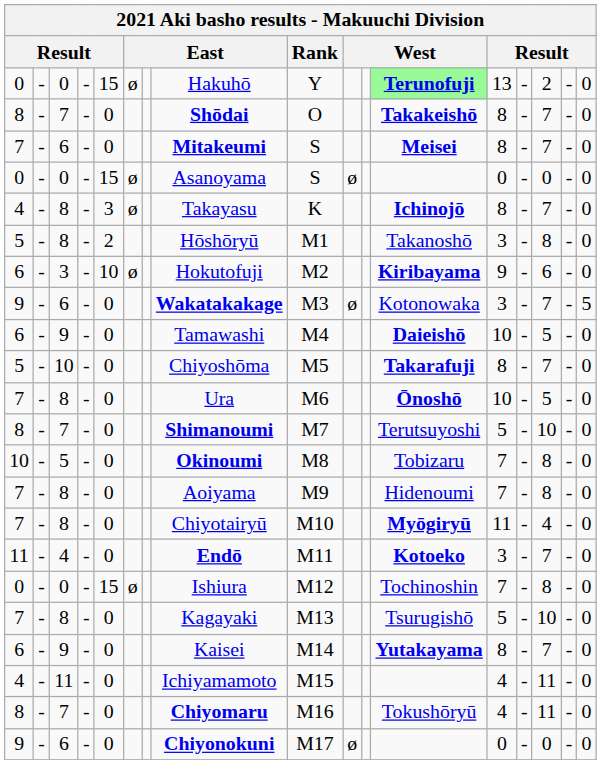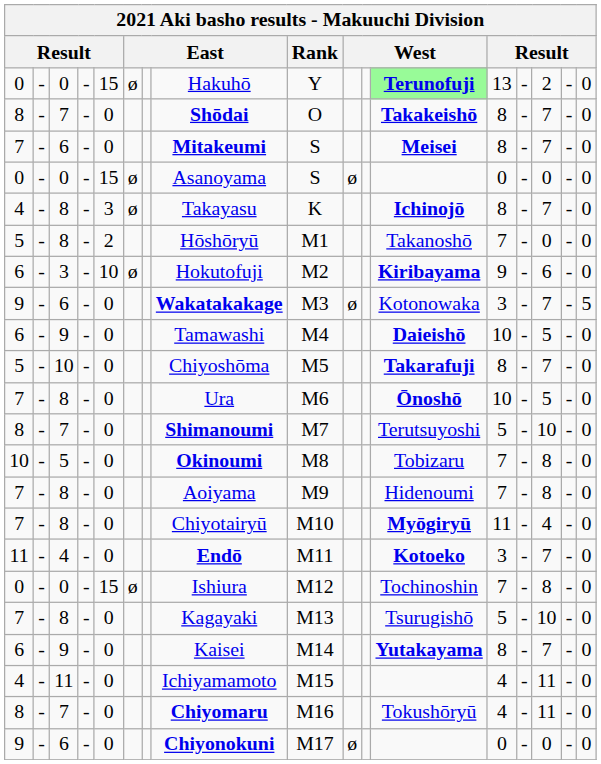 <table class="wikitable" style="text-align:center">
 <tr>
 <th colspan="17">2021 Aki basho results  - Makuuchi Division</th>
 </tr>
 <tr>
 <th colspan="5">Result</th>
 <th colspan="3">East</th>
 <th>Rank</th>
 <th colspan="3">West</th>
 <th colspan="5">Result</th>
 </tr>
 <tr>
 <td>0</td>
 <td>-</td>
 <td>0</td>
 <td>-</td>
 <td>15</td>
 <td>ø</td>
 <td></td>
 <td><a href='#'>Hakuhō</a></td>
 <td>Y</td>
 <td></td>
 <td></td>
 <td style="background: PaleGreen;"><strong><a href='#'>Terunofuji</a></strong></td>
 <td>13</td>
 <td>-</td>
 <td>2</td>
 <td>-</td>
 <td>0</td>
 </tr>
 <tr>
 <td>8</td>
 <td>-</td>
 <td>7</td>
 <td>-</td>
 <td>0</td>
 <td></td>
 <td></td>
 <td><strong><a href='#'>Shōdai</a></strong></td>
 <td>O</td>
 <td></td>
 <td></td>
 <td><strong><a href='#'>Takakeishō</a></strong></td>
 <td>8</td>
 <td>-</td>
 <td>7</td>
 <td>-</td>
 <td>0</td>
 </tr>
 <tr>
 <td>7</td>
 <td>-</td>
 <td>6</td>
 <td>-</td>
 <td>0</td>
 <td></td>
 <td></td>
 <td><strong><a href='#'>Mitakeumi</a></strong></td>
 <td>S</td>
 <td></td>
 <td></td>
 <td><strong><a href='#'>Meisei</a></strong></td>
 <td>8</td>
 <td>-</td>
 <td>7</td>
 <td>-</td>
 <td>0</td>
 </tr>
 <tr>
 <td>0</td>
 <td>-</td>
 <td>0</td>
 <td>-</td>
 <td>15</td>
 <td>ø</td>
 <td></td>
 <td><a href='#'>Asanoyama</a></td>
 <td>S</td>
 <td>ø</td>
 <td></td>
 <td></td>
 <td>0</td>
 <td>-</td>
 <td>0</td>
 <td>-</td>
 <td>0</td>
 </tr>
 <tr>
 <td>4</td>
 <td>-</td>
 <td>8</td>
 <td>-</td>
 <td>3</td>
 <td>ø</td>
 <td></td>
 <td><a href='#'>Takayasu</a></td>
 <td>K</td>
 <td></td>
 <td></td>
 <td><strong><a href='#'>Ichinojō</a></strong></td>
 <td>8</td>
 <td>-</td>
 <td>7</td>
 <td>-</td>
 <td>0</td>
 </tr>
 <tr>
 <td>5</td>
 <td>-</td>
 <td>8</td>
 <td>-</td>
 <td>2</td>
 <td></td>
 <td></td>
 <td><a href='#'>Hōshōryū</a></td>
 <td>M1</td>
 <td></td>
 <td></td>
 <td><a href='#'>Takanoshō</a></td>
-<td>3</td>
+<td>7</td>
 <td>-</td>
-<td>8</td>
+<td>0</td>
 <td>-</td>
 <td>0</td>
 </tr>
 <tr>
 <td>6</td>
 <td>-</td>
 <td>3</td>
 <td>-</td>
 <td>10</td>
 <td>ø</td>
 <td></td>
 <td><a href='#'>Hokutofuji</a></td>
 <td>M2</td>
 <td></td>
 <td></td>
 <td><strong><a href='#'>Kiribayama</a></strong></td>
 <td>9</td>
 <td>-</td>
 <td>6</td>
 <td>-</td>
 <td>0</td>
 </tr>
 <tr>
 <td>9</td>
 <td>-</td>
 <td>6</td>
 <td>-</td>
 <td>0</td>
 <td></td>
 <td></td>
 <td><strong><a href='#'>Wakatakakage</a></strong></td>
 <td>M3</td>
 <td>ø</td>
 <td></td>
 <td><a href='#'>Kotonowaka</a></td>
 <td>3</td>
 <td>-</td>
 <td>7</td>
 <td>-</td>
 <td>5</td>
 </tr>
 <tr>
 <td>6</td>
 <td>-</td>
 <td>9</td>
 <td>-</td>
 <td>0</td>
 <td></td>
 <td></td>
 <td><a href='#'>Tamawashi</a></td>
 <td>M4</td>
 <td></td>
 <td></td>
 <td><strong><a href='#'>Daieishō</a></strong></td>
 <td>10</td>
 <td>-</td>
 <td>5</td>
 <td>-</td>
 <td>0</td>
 </tr>
 <tr>
 <td>5</td>
 <td>-</td>
 <td>10</td>
 <td>-</td>
 <td>0</td>
 <td></td>
 <td></td>
 <td><a href='#'>Chiyoshōma</a></td>
 <td>M5</td>
 <td></td>
 <td></td>
 <td><strong><a href='#'>Takarafuji</a></strong></td>
 <td>8</td>
 <td>-</td>
 <td>7</td>
 <td>-</td>
 <td>0</td>
 </tr>
 <tr>
 <td>7</td>
 <td>-</td>
 <td>8</td>
 <td>-</td>
 <td>0</td>
 <td></td>
 <td></td>
 <td><a href='#'>Ura</a></td>
 <td>M6</td>
 <td></td>
 <td></td>
 <td><strong><a href='#'>Ōnoshō</a></strong></td>
 <td>10</td>
 <td>-</td>
 <td>5</td>
 <td>-</td>
 <td>0</td>
 </tr>
 <tr>
 <td>8</td>
 <td>-</td>
 <td>7</td>
 <td>-</td>
 <td>0</td>
 <td></td>
 <td></td>
 <td><strong><a href='#'>Shimanoumi</a></strong></td>
 <td>M7</td>
 <td></td>
 <td></td>
 <td><a href='#'>Terutsuyoshi</a></td>
 <td>5</td>
 <td>-</td>
 <td>10</td>
 <td>-</td>
 <td>0</td>
 </tr>
 <tr>
 <td>10</td>
 <td>-</td>
 <td>5</td>
 <td>-</td>
 <td>0</td>
 <td></td>
 <td></td>
 <td><strong><a href='#'>Okinoumi</a></strong></td>
 <td>M8</td>
 <td></td>
 <td></td>
 <td><a href='#'>Tobizaru</a></td>
 <td>7</td>
 <td>-</td>
 <td>8</td>
 <td>-</td>
 <td>0</td>
 </tr>
 <tr>
 <td>7</td>
 <td>-</td>
 <td>8</td>
 <td>-</td>
 <td>0</td>
 <td></td>
 <td></td>
 <td><a href='#'>Aoiyama</a></td>
 <td>M9</td>
 <td></td>
 <td></td>
 <td><a href='#'>Hidenoumi</a></td>
 <td>7</td>
 <td>-</td>
 <td>8</td>
 <td>-</td>
 <td>0</td>
 </tr>
 <tr>
 <td>7</td>
 <td>-</td>
 <td>8</td>
 <td>-</td>
 <td>0</td>
 <td></td>
 <td></td>
 <td><a href='#'>Chiyotairyū</a></td>
 <td>M10</td>
 <td></td>
 <td></td>
 <td><strong><a href='#'>Myōgiryū</a></strong></td>
 <td>11</td>
 <td>-</td>
 <td>4</td>
 <td>-</td>
 <td>0</td>
 </tr>
 <tr>
 <td>11</td>
 <td>-</td>
 <td>4</td>
 <td>-</td>
 <td>0</td>
 <td></td>
 <td></td>
 <td><strong><a href='#'>Endō</a></strong></td>
 <td>M11</td>
 <td></td>
 <td></td>
 <td><strong><a href='#'>Kotoeko</a></strong></td>
 <td>3</td>
 <td>-</td>
 <td>7</td>
 <td>-</td>
 <td>0</td>
 </tr>
 <tr>
 <td>0</td>
 <td>-</td>
 <td>0</td>
 <td>-</td>
 <td>15</td>
 <td>ø</td>
 <td></td>
 <td><a href='#'>Ishiura</a></td>
 <td>M12</td>
 <td></td>
 <td></td>
 <td><a href='#'>Tochinoshin</a></td>
 <td>7</td>
 <td>-</td>
 <td>8</td>
 <td>-</td>
 <td>0</td>
 </tr>
 <tr>
 <td>7</td>
 <td>-</td>
 <td>8</td>
 <td>-</td>
 <td>0</td>
 <td></td>
 <td></td>
 <td><a href='#'>Kagayaki</a></td>
 <td>M13</td>
 <td></td>
 <td></td>
 <td><a href='#'>Tsurugishō</a></td>
 <td>5</td>
 <td>-</td>
 <td>10</td>
 <td>-</td>
 <td>0</td>
 </tr>
 <tr>
 <td>6</td>
 <td>-</td>
 <td>9</td>
 <td>-</td>
 <td>0</td>
 <td></td>
 <td></td>
 <td><a href='#'>Kaisei</a></td>
 <td>M14</td>
 <td></td>
 <td></td>
 <td><strong><a href='#'>Yutakayama</a></strong></td>
 <td>8</td>
 <td>-</td>
 <td>7</td>
 <td>-</td>
 <td>0</td>
 </tr>
 <tr>
 <td>4</td>
 <td>-</td>
 <td>11</td>
 <td>-</td>
 <td>0</td>
 <td></td>
 <td></td>
 <td><a href='#'>Ichiyamamoto</a></td>
 <td>M15</td>
 <td></td>
 <td></td>
 <td></td>
 <td>4</td>
 <td>-</td>
 <td>11</td>
 <td>-</td>
 <td>0</td>
 </tr>
 <tr>
 <td>8</td>
 <td>-</td>
 <td>7</td>
 <td>-</td>
 <td>0</td>
 <td></td>
 <td></td>
 <td><strong><a href='#'>Chiyomaru</a></strong></td>
 <td>M16</td>
 <td></td>
 <td></td>
 <td><a href='#'>Tokushōryū</a></td>
 <td>4</td>
 <td>-</td>
 <td>11</td>
 <td>-</td>
 <td>0</td>
 </tr>
 <tr>
 <td>9</td>
 <td>-</td>
 <td>6</td>
 <td>-</td>
 <td>0</td>
 <td></td>
 <td></td>
 <td><strong><a href='#'>Chiyonokuni</a></strong></td>
 <td>M17</td>
 <td>ø</td>
 <td></td>
 <td></td>
 <td>0</td>
 <td>-</td>
 <td>0</td>
 <td>-</td>
 <td>0</td>
 </tr>
 </table>
